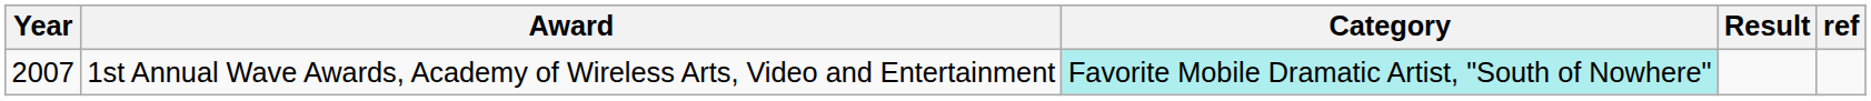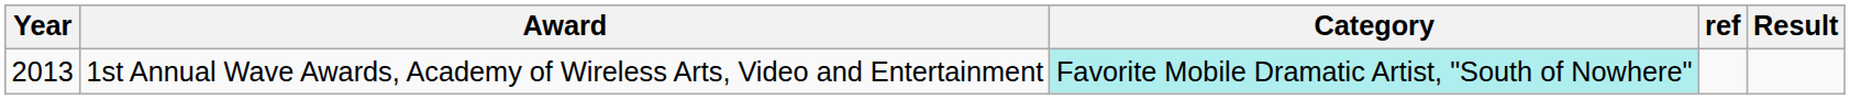 <table class="wikitable">
 <tr>
 <th>Year</th>
 <th>Award</th>
 <th>Category</th>
+<th>ref</th>
 <th>Result</th>
-<th>ref</th>
 </tr>
 <tr>
-<td>2007</td>
+<td>2013</td>
 <td>1st Annual Wave Awards, Academy of Wireless Arts, Video and Entertainment</td>
 <td style="background: paleturquoise;">Favorite Mobile Dramatic Artist, "South of Nowhere"</td>
 <td></td>
 <td></td>
 </tr>
 </table>
